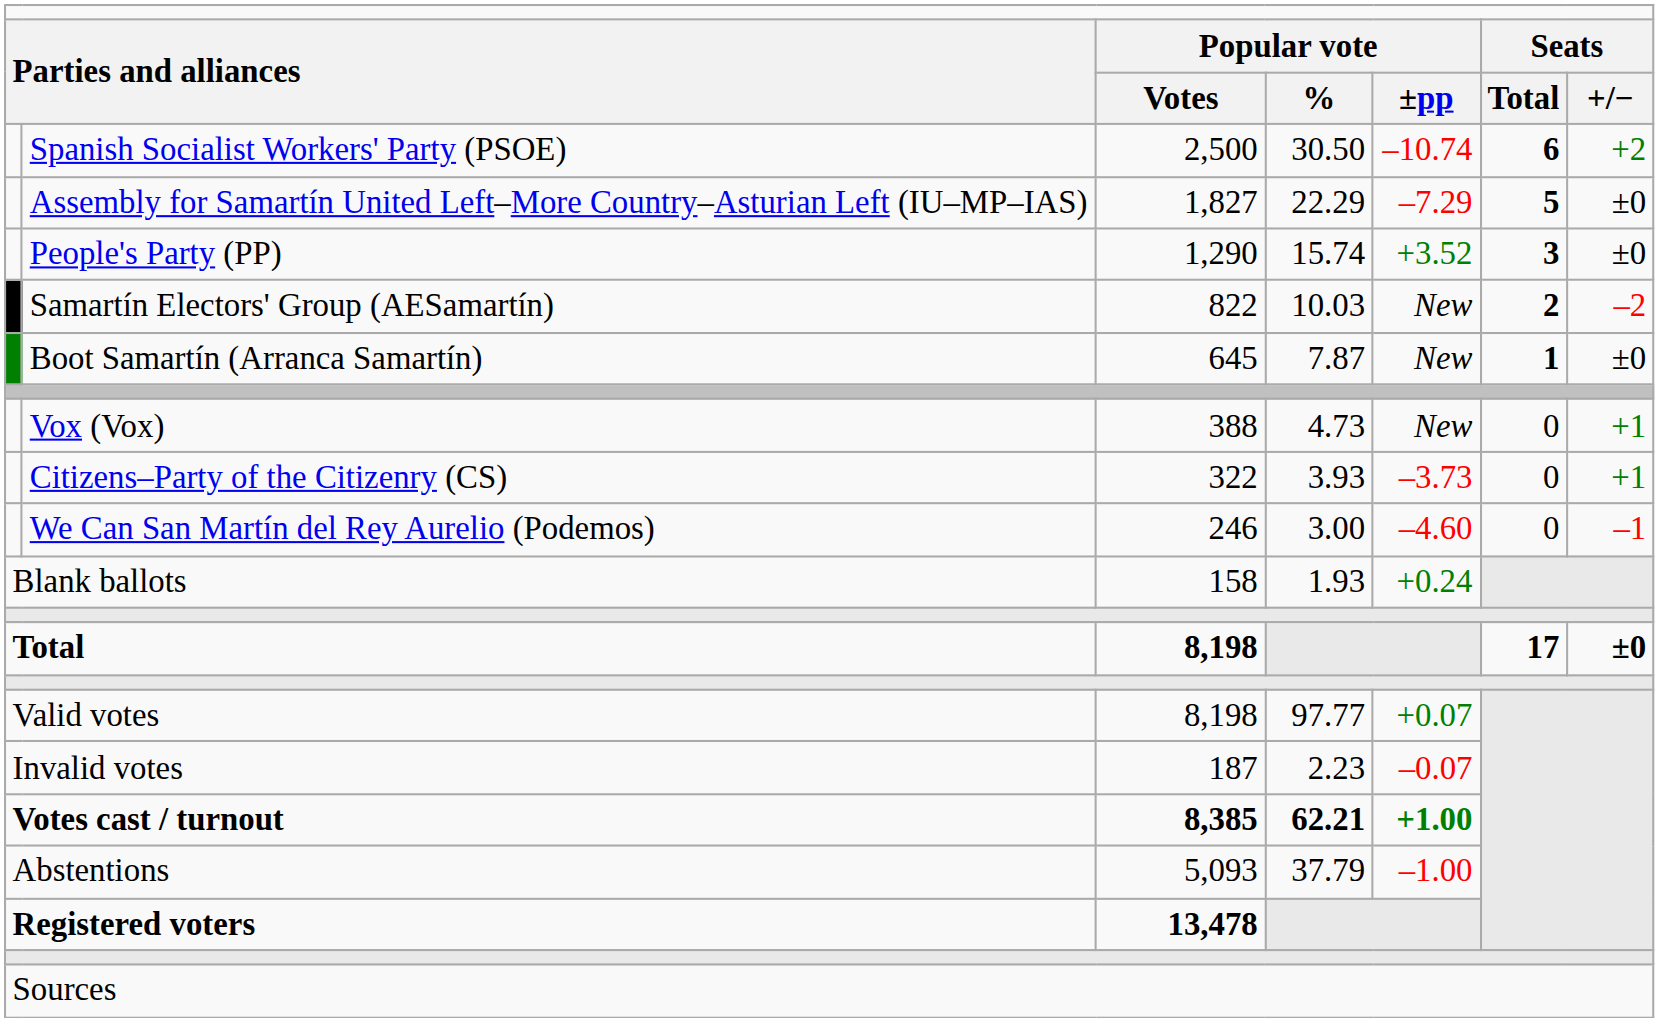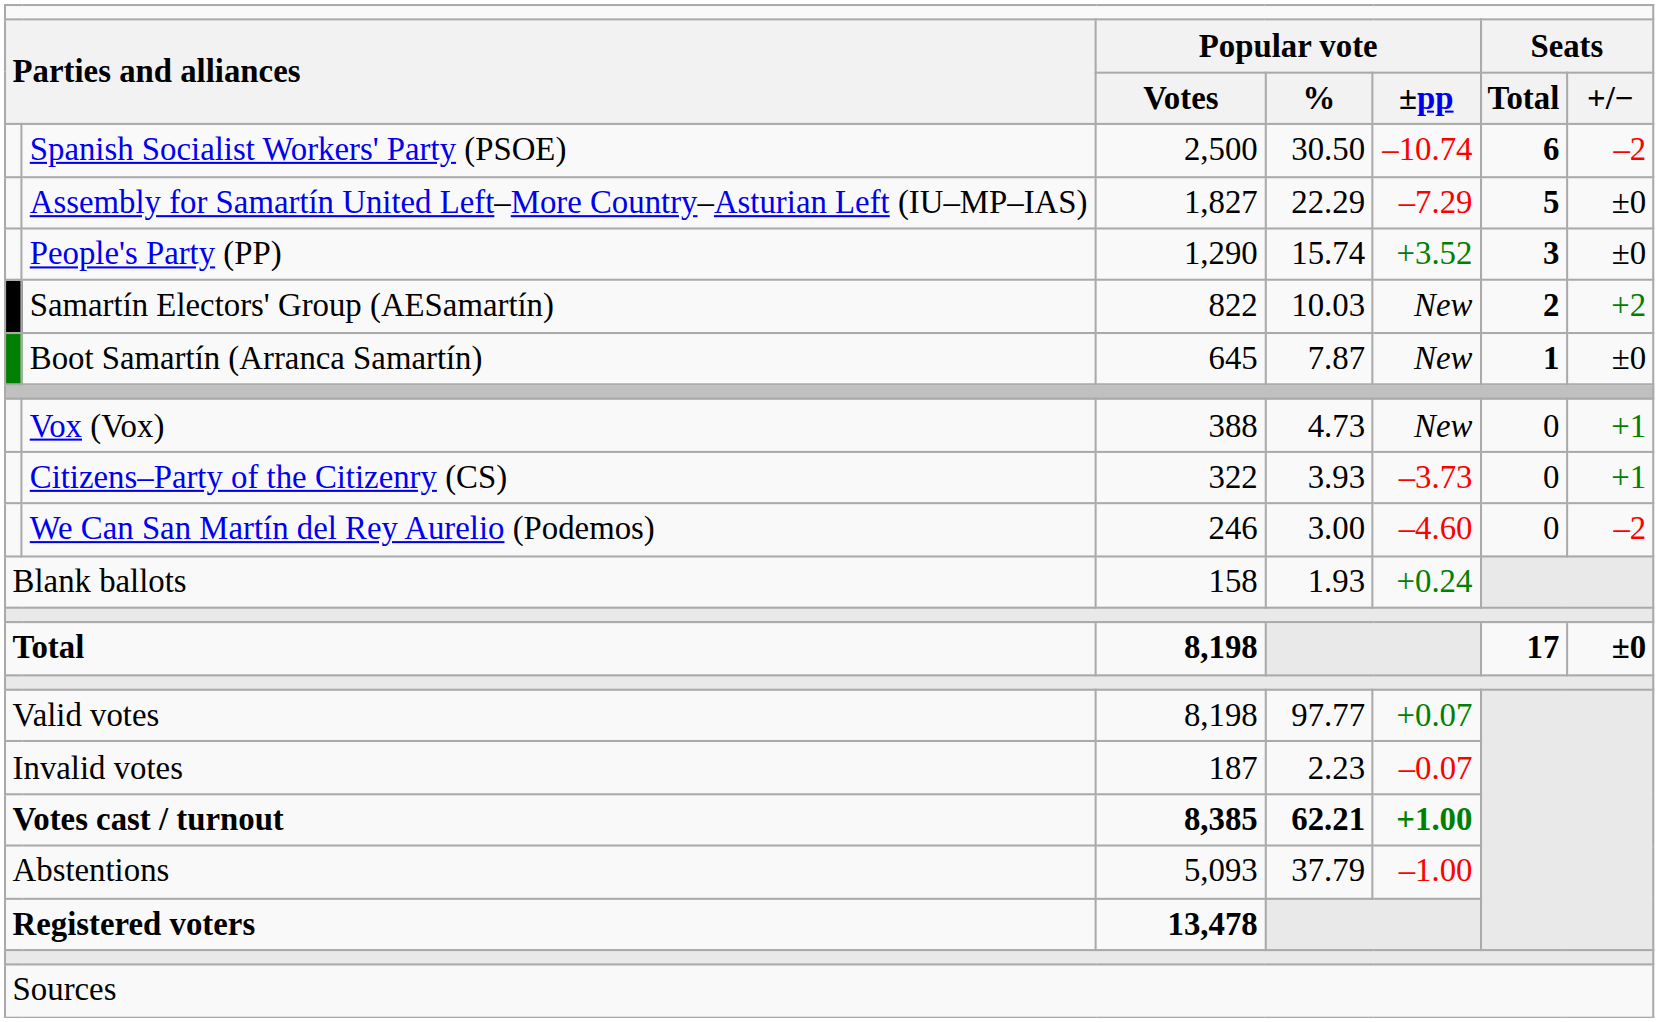 <table class="wikitable" style="text-align:right;">
 <tr>
 <td colspan="7"></td>
 </tr>
 <tr>
 <th style="text-align:left;" rowspan="2" colspan="2" width="525">Parties and alliances</th>
 <th colspan="3">Popular vote</th>
 <th colspan="2">Seats</th>
 </tr>
 <tr>
 <th width="75">Votes</th>
 <th width="45">%</th>
 <th width="45">±<a href='#'>pp</a></th>
 <th width="35">Total</th>
 <th width="35">+/−</th>
 </tr>
 <tr>
 <td width="1" style="color:inherit;background:"></td>
 <td align="left"><a href='#'>Spanish Socialist Workers' Party</a> (PSOE)</td>
 <td>2,500</td>
 <td>30.50</td>
 <td style="color:red;">–10.74</td>
 <td><strong>6</strong></td>
-<td style="color:green;">+2</td>
+<td style="color:red;">–2</td>
 </tr>
 <tr>
 <td style="color:inherit;background:"></td>
 <td align="left"><a href='#'>Assembly for Samartín United Left</a>–<a href='#'>More Country</a>–<a href='#'>Asturian Left</a> (IU–MP–IAS)</td>
 <td>1,827</td>
 <td>22.29</td>
 <td style="color:red;">–7.29</td>
 <td><strong>5</strong></td>
 <td>±0</td>
 </tr>
 <tr>
 <td style="color:inherit;background:"></td>
 <td align="left"><a href='#'>People's Party</a> (PP)</td>
 <td>1,290</td>
 <td>15.74</td>
 <td style="color:green;">+3.52</td>
 <td><strong>3</strong></td>
 <td>±0</td>
 </tr>
 <tr>
 <td bgcolor="black"></td>
 <td align="left">Samartín Electors' Group (AESamartín)</td>
 <td>822</td>
 <td>10.03</td>
 <td><em>New</em></td>
 <td><strong>2</strong></td>
-<td style="color:red;">–2</td>
+<td style="color:green;">+2</td>
 </tr>
 <tr>
 <td bgcolor="green"></td>
 <td align="left">Boot Samartín (Arranca Samartín)</td>
 <td>645</td>
 <td>7.87</td>
 <td><em>New</em></td>
 <td><strong>1</strong></td>
 <td>±0</td>
 </tr>
 <tr>
 <td colspan="7" bgcolor="#C0C0C0"></td>
 </tr>
 <tr>
 <td style="color:inherit;background:"></td>
 <td align="left"><a href='#'>Vox</a> (Vox)</td>
 <td>388</td>
 <td>4.73</td>
 <td><em>New</em></td>
 <td>0</td>
 <td style="color:green;">+1</td>
 </tr>
 <tr>
 <td style="color:inherit;background:"></td>
 <td align="left"><a href='#'>Citizens–Party of the Citizenry</a> (CS)</td>
 <td>322</td>
 <td>3.93</td>
 <td style="color:red;">–3.73</td>
 <td>0</td>
 <td style="color:green;">+1</td>
 </tr>
 <tr>
 <td style="color:inherit;background:"></td>
 <td align="left"><a href='#'>We Can San Martín del Rey Aurelio</a> (Podemos)</td>
 <td>246</td>
 <td>3.00</td>
 <td style="color:red;">–4.60</td>
 <td>0</td>
-<td style="color:red;">–1</td>
+<td style="color:red;">–2</td>
 </tr>
 <tr>
 <td colspan="2" align="left">Blank ballots</td>
 <td>158</td>
 <td>1.93</td>
 <td style="color:green;">+0.24</td>
 <td colspan="2" bgcolor="#E9E9E9"></td>
 </tr>
 <tr>
 <td colspan="7" bgcolor="#E9E9E9"></td>
 </tr>
 <tr style="font-weight:bold;">
 <td align="left" colspan="2">Total</td>
 <td>8,198</td>
 <td colspan="2" bgcolor="#E9E9E9"></td>
 <td>17</td>
 <td>±0</td>
 </tr>
 <tr>
 <td colspan="7" bgcolor="#E9E9E9"></td>
 </tr>
 <tr>
 <td align="left" colspan="2">Valid votes</td>
 <td>8,198</td>
 <td>97.77</td>
 <td style="color:green;">+0.07</td>
 <td bgcolor="#E9E9E9" colspan="2" rowspan="5"></td>
 </tr>
 <tr>
 <td align="left" colspan="2">Invalid votes</td>
 <td>187</td>
 <td>2.23</td>
 <td style="color:red;">–0.07</td>
 </tr>
 <tr style="font-weight:bold;">
 <td align="left" colspan="2">Votes cast / turnout</td>
 <td>8,385</td>
 <td>62.21</td>
 <td style="color:green;">+1.00</td>
 </tr>
 <tr>
 <td align="left" colspan="2">Abstentions</td>
 <td>5,093</td>
 <td>37.79</td>
 <td style="color:red;">–1.00</td>
 </tr>
 <tr style="font-weight:bold;">
 <td align="left" colspan="2">Registered voters</td>
 <td>13,478</td>
 <td colspan="2" bgcolor="#E9E9E9"></td>
 </tr>
 <tr>
 <td colspan="7" bgcolor="#E9E9E9"></td>
 </tr>
 <tr>
 <td align="left" colspan="7">Sources</td>
 </tr>
 </table>
